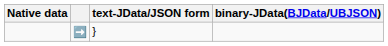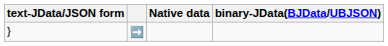 <table class="wikitable tpl-blanktable">
 <tr>
+<th>text-JData/JSON form</th>
+<th></th>
 <th>Native data</th>
-<th></th>
-<th>text-JData/JSON form</th>
 <th>binary-JData(<a href='#'>BJData</a>/<a href='#'>UBJSON</a>)</th>
 </tr>
 <tr>
+<td>}</td>
+<td>➡️</td>
 <td></td>
-<td>➡️</td>
-<td>}</td>
 <td></td>
 </tr>
 </table>
